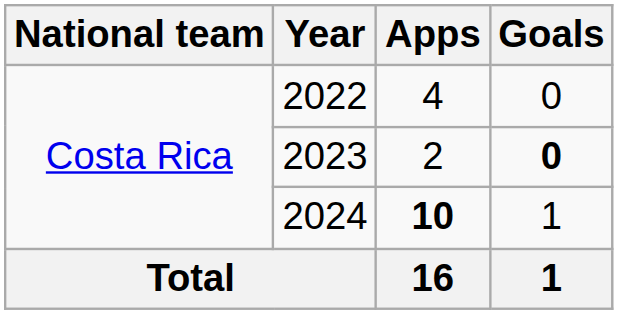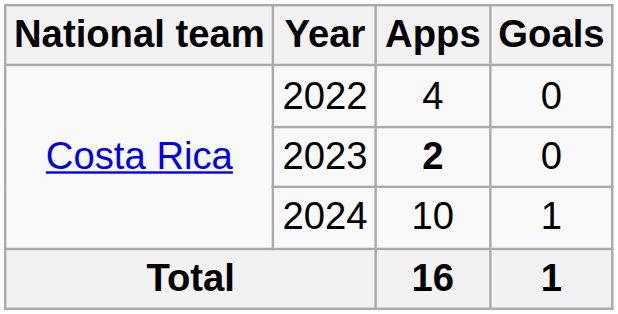 <table class=wikitable style=text-align:center>
 <tr>
 <th>National team</th>
 <th>Year</th>
 <th>Apps</th>
 <th>Goals</th>
 </tr>
 <tr>
 <td rowspan="3"><a href='#'>Costa Rica</a></td>
 <td>2022</td>
 <td>4</td>
 <td>0</td>
 </tr>
 <tr>
 <td>2023</td>
-<td>2</td>
-<td><strong>0</strong></td>
+<td><strong>2</strong></td>
+<td>0</td>
 </tr>
 <tr>
 <td>2024</td>
-<td><strong>10</strong></td>
+<td>10</td>
 <td>1</td>
 </tr>
 <tr>
 <th colspan="2">Total</th>
 <th>16</th>
 <th>1</th>
 </tr>
 </table>
